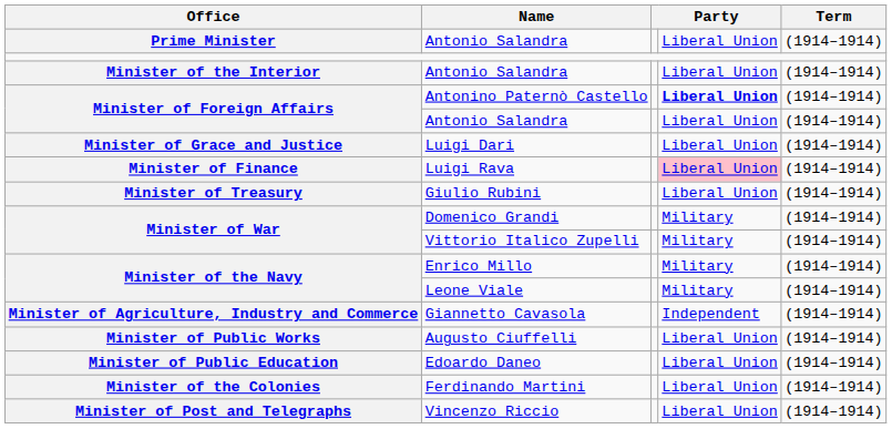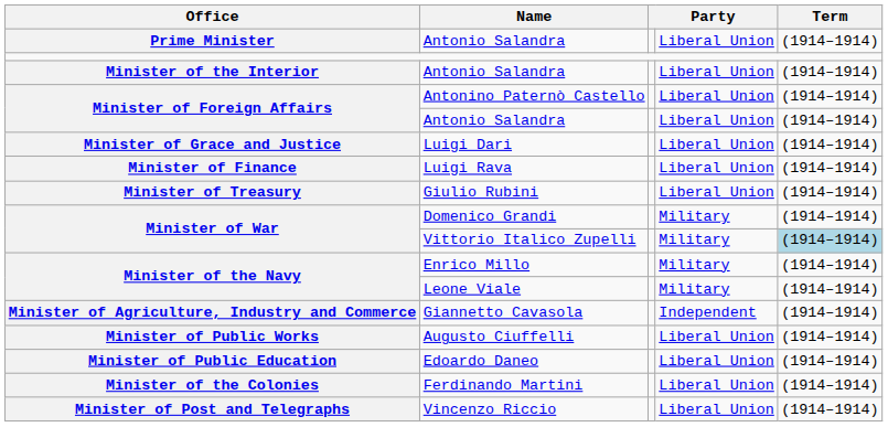 <table class="wikitable" style="font-size: 100%;">
 <tr>
 <th>Office</th>
 <th>Name</th>
 <th colspan=2>Party</th>
 <th>Term</th>
 </tr>
 <tr>
 <th><a href='#'>Prime Minister</a></th>
 <td><a href='#'>Antonio Salandra</a></td>
 <td style="color:inherit;background:"></td>
 <td><a href='#'>Liberal Union</a></td>
 <td>(1914–1914)</td>
 </tr>
 <tr>
 <td colspan=6></td>
 </tr>
 <tr>
 <th><a href='#'>Minister of the Interior</a></th>
 <td><a href='#'>Antonio Salandra</a></td>
 <td style="color:inherit;background:"></td>
 <td><a href='#'>Liberal Union</a></td>
 <td>(1914–1914)</td>
 </tr>
 <tr>
 <th rowspan=2><a href='#'>Minister of Foreign Affairs</a></th>
 <td><a href='#'>Antonino Paternò Castello</a></td>
 <td style="color:inherit;background:"></td>
-<td><strong><a href='#'>Liberal Union</a></strong></td>
+<td><a href='#'>Liberal Union</a></td>
 <td>(1914–1914)</td>
 </tr>
 <tr>
 <td><a href='#'>Antonio Salandra</a></td>
 <td style="color:inherit;background:"></td>
 <td><a href='#'>Liberal Union</a></td>
 <td>(1914–1914)</td>
 </tr>
 <tr>
 <th><a href='#'>Minister of Grace and Justice</a></th>
 <td><a href='#'>Luigi Dari</a></td>
 <td style="color:inherit;background:"></td>
 <td><a href='#'>Liberal Union</a></td>
 <td>(1914–1914)</td>
 </tr>
 <tr>
 <th><a href='#'>Minister of Finance</a></th>
 <td><a href='#'>Luigi Rava</a></td>
 <td style="color:inherit;background:"></td>
-<td style="background: pink;"><a href='#'>Liberal Union</a></td>
+<td><a href='#'>Liberal Union</a></td>
 <td>(1914–1914)</td>
 </tr>
 <tr>
 <th><a href='#'>Minister of Treasury</a></th>
 <td><a href='#'>Giulio Rubini</a></td>
 <td style="color:inherit;background:"></td>
 <td><a href='#'>Liberal Union</a></td>
 <td>(1914–1914)</td>
 </tr>
 <tr>
 <th rowspan=2><a href='#'>Minister of War</a></th>
 <td><a href='#'>Domenico Grandi</a></td>
 <td style="color:inherit;background:"></td>
 <td><a href='#'>Military</a></td>
 <td>(1914–1914)</td>
 </tr>
 <tr>
 <td><a href='#'>Vittorio Italico Zupelli</a></td>
 <td style="color:inherit;background:"></td>
 <td><a href='#'>Military</a></td>
-<td>(1914–1914)</td>
+<td style="background: lightblue;">(1914–1914)</td>
 </tr>
 <tr>
 <th rowspan=2><a href='#'>Minister of the Navy</a></th>
 <td><a href='#'>Enrico Millo</a></td>
 <td style="color:inherit;background:"></td>
 <td><a href='#'>Military</a></td>
 <td>(1914–1914)</td>
 </tr>
 <tr>
 <td><a href='#'>Leone Viale</a></td>
 <td style="color:inherit;background:"></td>
 <td><a href='#'>Military</a></td>
 <td>(1914–1914)</td>
 </tr>
 <tr>
 <th><a href='#'>Minister of Agriculture, Industry and Commerce</a></th>
 <td><a href='#'>Giannetto Cavasola</a></td>
 <td style="color:inherit;background:"></td>
 <td><a href='#'>Independent</a></td>
 <td>(1914–1914)</td>
 </tr>
 <tr>
 <th><a href='#'>Minister of Public Works</a></th>
 <td><a href='#'>Augusto Ciuffelli</a></td>
 <td style="color:inherit;background:"></td>
 <td><a href='#'>Liberal Union</a></td>
 <td>(1914–1914)</td>
 </tr>
 <tr>
 <th><a href='#'>Minister of Public Education</a></th>
 <td><a href='#'>Edoardo Daneo</a></td>
 <td style="color:inherit;background:"></td>
 <td><a href='#'>Liberal Union</a></td>
 <td>(1914–1914)</td>
 </tr>
 <tr>
 <th><a href='#'>Minister of the Colonies</a></th>
 <td><a href='#'>Ferdinando Martini</a></td>
 <td style="color:inherit;background:"></td>
 <td><a href='#'>Liberal Union</a></td>
 <td>(1914–1914)</td>
 </tr>
 <tr>
 <th><a href='#'>Minister of Post and Telegraphs</a></th>
 <td><a href='#'>Vincenzo Riccio</a></td>
 <td style="color:inherit;background:"></td>
 <td><a href='#'>Liberal Union</a></td>
 <td>(1914–1914)</td>
 </tr>
 </table>
